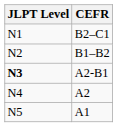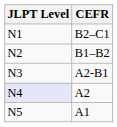 <table class="wikitable floatleft"  style="float:right">
 <tr>
 <th>JLPT Level</th>
 <th>CEFR</th>
 </tr>
 <tr>
 <td>N1</td>
 <td>B2–C1</td>
 </tr>
 <tr>
 <td>N2</td>
 <td>B1–B2</td>
 </tr>
 <tr>
-<td><strong>N3</strong></td>
+<td>N3</td>
 <td>A2-B1</td>
 </tr>
 <tr>
-<td>N4</td>
+<td style="background: lavender;">N4</td>
 <td>A2</td>
 </tr>
 <tr>
 <td>N5</td>
 <td>A1</td>
 </tr>
 </table>
